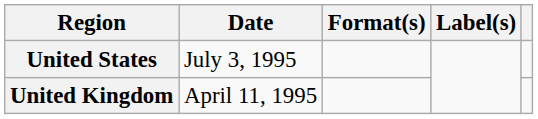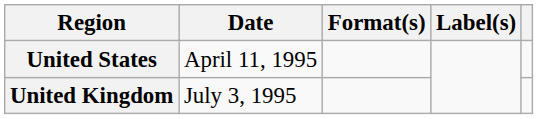 <table class="wikitable plainrowheaders">
 <tr>
 <th scope="col">Region</th>
 <th scope="col">Date</th>
 <th scope="col">Format(s)</th>
 <th scope="col">Label(s)</th>
 <th scope="col"></th>
 </tr>
 <tr>
 <th scope="row">United States</th>
-<td>July 3, 1995</td>
+<td>April 11, 1995</td>
 <td></td>
 <td rowspan="2"></td>
 <td></td>
 </tr>
 <tr>
 <th scope="row">United Kingdom</th>
-<td>April 11, 1995</td>
+<td>July 3, 1995</td>
 <td></td>
 <td></td>
 </tr>
 </table>
